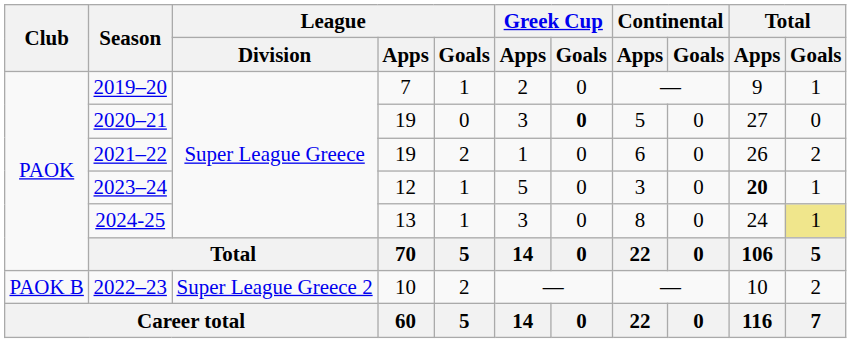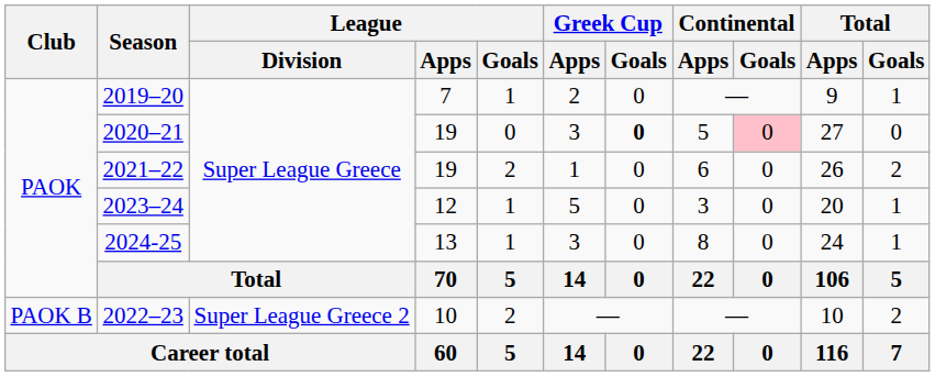 <table class="wikitable" style="text-align:center">
 <tr>
 <th rowspan="2">Club</th>
 <th rowspan="2">Season</th>
 <th colspan="3">League</th>
 <th colspan="2"><a href='#'>Greek Cup</a></th>
 <th colspan="2">Continental</th>
 <th colspan="2">Total</th>
 </tr>
 <tr>
 <th>Division</th>
 <th>Apps</th>
 <th>Goals</th>
 <th>Apps</th>
 <th>Goals</th>
 <th>Apps</th>
 <th>Goals</th>
 <th>Apps</th>
 <th>Goals</th>
 </tr>
 <tr>
 <td rowspan="6"><a href='#'>PAOK</a></td>
 <td><a href='#'>2019–20</a></td>
 <td rowspan="5"><a href='#'>Super League Greece</a></td>
 <td>7</td>
 <td>1</td>
 <td>2</td>
 <td>0</td>
 <td colspan="2">—</td>
 <td>9</td>
 <td>1</td>
 </tr>
 <tr>
 <td><a href='#'>2020–21</a></td>
 <td>19</td>
 <td>0</td>
 <td>3</td>
 <td><strong>0</strong></td>
 <td>5</td>
-<td>0</td>
+<td style="background: pink;">0</td>
 <td>27</td>
 <td>0</td>
 </tr>
 <tr>
 <td><a href='#'>2021–22</a></td>
 <td>19</td>
 <td>2</td>
 <td>1</td>
 <td>0</td>
 <td>6</td>
 <td>0</td>
 <td>26</td>
 <td>2</td>
 </tr>
 <tr>
 <td><a href='#'>2023–24</a></td>
 <td>12</td>
 <td>1</td>
 <td>5</td>
 <td>0</td>
 <td>3</td>
 <td>0</td>
-<td><strong>20</strong></td>
+<td>20</td>
 <td>1</td>
 </tr>
 <tr>
 <td><a href='#'>2024-25</a></td>
 <td>13</td>
 <td>1</td>
 <td>3</td>
 <td>0</td>
 <td>8</td>
 <td>0</td>
 <td>24</td>
-<td style="background: khaki;">1</td>
+<td>1</td>
 </tr>
 <tr>
 <th colspan="2">Total</th>
 <th>70</th>
 <th>5</th>
 <th>14</th>
 <th>0</th>
 <th>22</th>
 <th>0</th>
 <th>106</th>
 <th>5</th>
 </tr>
 <tr>
 <td><a href='#'>PAOK B</a></td>
 <td><a href='#'>2022–23</a></td>
 <td><a href='#'>Super League Greece 2</a></td>
 <td>10</td>
 <td>2</td>
 <td colspan="2">—</td>
 <td colspan="2">—</td>
 <td>10</td>
 <td>2</td>
 </tr>
 <tr>
 <th colspan="3">Career total</th>
 <th>60</th>
 <th>5</th>
 <th>14</th>
 <th>0</th>
 <th>22</th>
 <th>0</th>
 <th>116</th>
 <th>7</th>
 </tr>
 </table>
